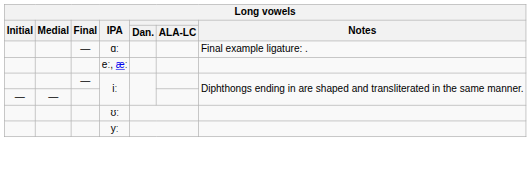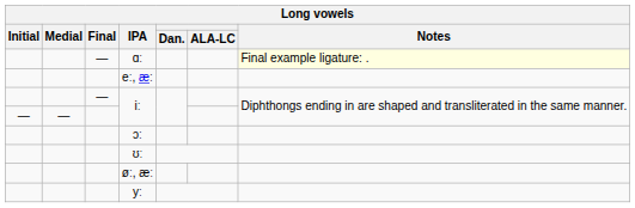 <table class="wikitable nounderlines" style="display: inline-table; text-align: center">
 <tr>
 <th colspan="7">Long vowels</th>
 </tr>
 <tr>
 <th rowspan="2">Initial</th>
 <th rowspan="2">Medial</th>
 <th rowspan="2">Final</th>
 <th rowspan="2">IPA</th>
 <th colspan="2"></th>
 <th rowspan="2">Notes</th>
 </tr>
 <tr>
 <th>Dan.</th>
 <th>ALA-LC</th>
 </tr>
 <tr>
 <td></td>
 <td></td>
 <td>—</td>
 <td>ɑː</td>
 <td><em></em></td>
 <td><em></em></td>
-<td style="text-align: left">Final example ligature:  <em></em>.<br></td>
+<td style="background: lightyellow; text-align: left">Final example ligature:  <em></em>.<br></td>
 </tr>
 <tr>
 <td></td>
 <td></td>
 <td></td>
 <td>eː, <a href='#'>æ</a>ː</td>
 <td><em></em></td>
 <td><em></em></td>
 <td style="text-align: left"></td>
 </tr>
 <tr>
 <td></td>
 <td></td>
 <td>—</td>
 <td rowspan="2">iː</td>
 <td rowspan="2"><em></em></td>
 <td><em></em></td>
 <td rowspan="2" style="text-align: left">Diphthongs ending in <em></em> are shaped and transliterated in the same manner.<br></td>
 </tr>
 <tr>
 <td>—</td>
 <td>—</td>
 <td></td>
 <td><em></em></td>
 </tr>
 <tr>
 <td></td>
 <td></td>
 <td></td>
+<td>ɔː</td>
+<td><em></em></td>
+<td><em></em></td>
+<td style="text-align: left"></td>
+</tr>
+<tr>
+<td></td>
+<td></td>
+<td></td>
 <td>ʊː</td>
 <td colspan="2"><em></em></td>
+<td style="text-align: left"></td>
+</tr>
+<tr>
+<td></td>
+<td></td>
+<td></td>
+<td>øː, æː</td>
+<td><em></em></td>
+<td><em></em></td>
 <td style="text-align: left"></td>
 </tr>
 <tr>
 <td></td>
 <td></td>
 <td></td>
 <td>yː</td>
 <td colspan="2"><em></em></td>
 <td style="text-align: left"></td>
 </tr>
 </table>
